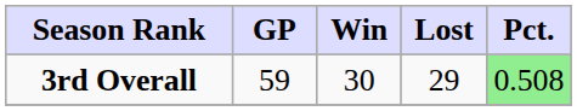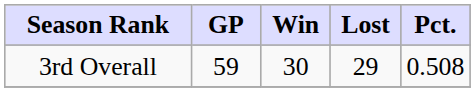 <table class="wikitable" border="1">
 <tr>
 <th style="background:#DDDDFF;" width="40%"><strong> Season Rank </strong></th>
 <th style="background:#DDDDFF;" width="15%"><strong> GP </strong></th>
 <th style="background:#DDDDFF;" width="15%"><strong> Win</strong></th>
 <th style="background:#DDDDFF;" width="15%"><strong> Lost </strong></th>
 <th style="background:#DDDDFF;" width="15%"><strong> Pct.</strong></th>
 </tr>
 <tr>
-<td align=center><strong>3rd Overall</strong></td>
+<td align=center>3rd Overall</td>
 <td align=center>59</td>
 <td align=center>30</td>
 <td align=center>29</td>
-<td align=center style="background: lightgreen;">0.508</td>
+<td align=center>0.508</td>
 </tr>
 <tr>
 </tr>
 </table>
